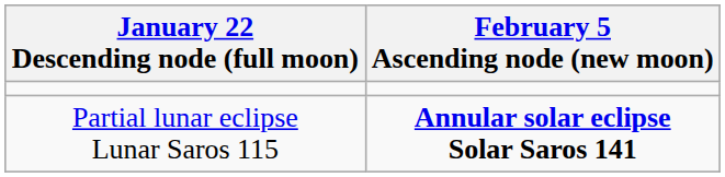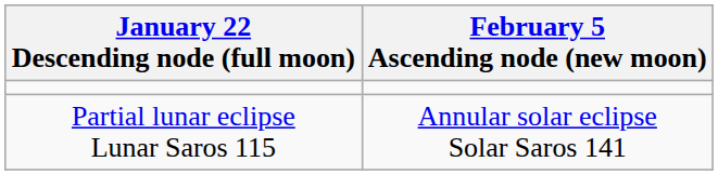 <table class="wikitable">
 <tr>
 <th><a href='#'>January 22</a><br>Descending node (full moon)<br></th>
 <th><a href='#'>February 5</a><br>Ascending node (new moon)<br></th>
 </tr>
 <tr>
 <td></td>
 <td></td>
 </tr>
 <tr align=center>
 <td><a href='#'>Partial lunar eclipse</a><br>Lunar Saros 115</td>
-<td><strong><a href='#'>Annular solar eclipse</a><br>Solar Saros 141</strong></td>
+<td><a href='#'>Annular solar eclipse</a><br>Solar Saros 141</td>
 </tr>
 </table>
